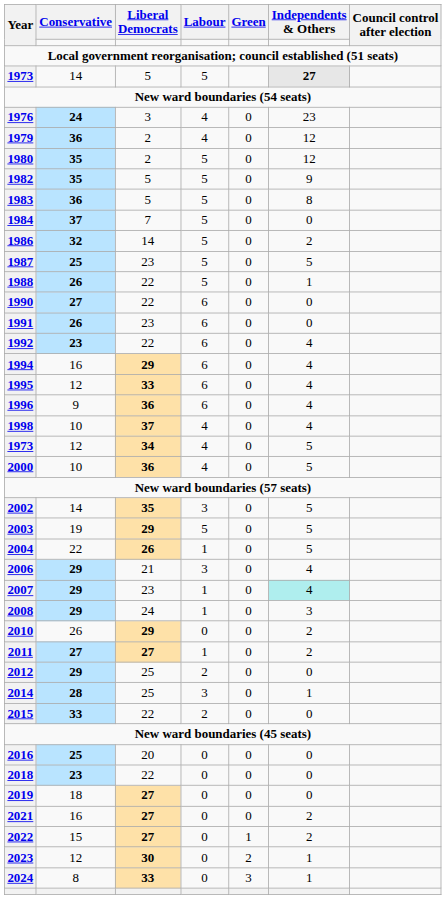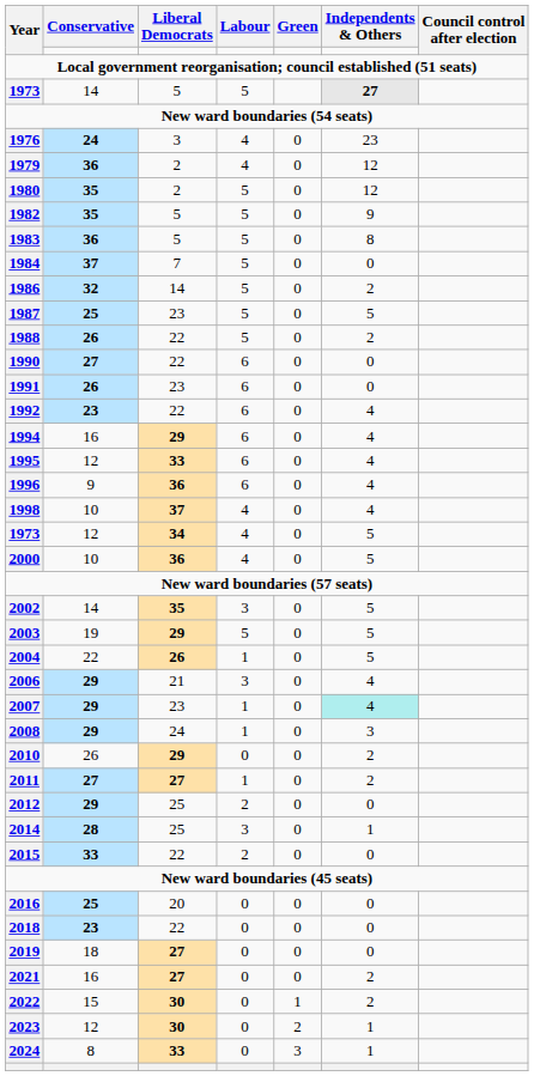 <table class="wikitable plainrowheaders" style="text-align:center">
 <tr>
 <th scope="col" rowspan="2">Year</th>
 <th scope="col"><a href='#'>Conservative</a></th>
 <th scope="col" style="width:1px"><a href='#'>Liberal Democrats</a></th>
 <th scope="col"><a href='#'>Labour</a></th>
 <th scope="col"><a href='#'>Green</a></th>
 <th scope="col"><a href='#'>Independents</a><br>& Others</th>
 <th scope="col" rowspan="2" colspan="2">Council control<br>after election</th>
 </tr>
 <tr>
 <td style="background:"></td>
 <td style="background:"></td>
 <td style="background:"></td>
 <td style="background:"></td>
 <td style="background:"></td>
 </tr>
 <tr>
 <td colspan="9"><strong>Local government reorganisation; council established (51 seats)</strong></td>
 </tr>
 <tr>
 <th scope="row"><a href='#'>1973</a></th>
 <td>14</td>
 <td>5</td>
 <td>5</td>
 <td></td>
 <td style="background:#E7E7E7;"><strong>27</strong></td>
 <td></td>
 </tr>
 <tr>
 <td colspan="9"><strong>New ward boundaries (54 seats)</strong></td>
 </tr>
 <tr>
 <th scope="row"><a href='#'>1976</a></th>
 <td style="background:#B9E4FF;"><strong>24</strong></td>
 <td>3</td>
 <td>4</td>
 <td>0</td>
 <td>23</td>
 <td></td>
 </tr>
 <tr>
 <th scope="row"><a href='#'>1979</a></th>
 <td style="background:#B9E4FF;"><strong>36</strong></td>
 <td>2</td>
 <td>4</td>
 <td>0</td>
 <td>12</td>
 <td></td>
 </tr>
 <tr>
 <th scope="row"><a href='#'>1980</a></th>
 <td style="background:#B9E4FF;"><strong>35</strong></td>
 <td>2</td>
 <td>5</td>
 <td>0</td>
 <td>12</td>
 <td></td>
 </tr>
 <tr>
 <th scope="row"><a href='#'>1982</a></th>
 <td style="background:#B9E4FF;"><strong>35</strong></td>
 <td>5</td>
 <td>5</td>
 <td>0</td>
 <td>9</td>
 <td></td>
 </tr>
 <tr>
 <th scope="row"><a href='#'>1983</a></th>
 <td style="background:#B9E4FF;"><strong>36</strong></td>
 <td>5</td>
 <td>5</td>
 <td>0</td>
 <td>8</td>
 <td></td>
 </tr>
 <tr>
 <th scope="row"><a href='#'>1984</a></th>
 <td style="background:#B9E4FF;"><strong>37</strong></td>
 <td>7</td>
 <td>5</td>
 <td>0</td>
 <td>0</td>
 <td></td>
 </tr>
 <tr>
 <th scope="row"><a href='#'>1986</a></th>
 <td style="background:#B9E4FF;"><strong>32</strong></td>
 <td>14</td>
 <td>5</td>
 <td>0</td>
 <td>2</td>
 <td></td>
 </tr>
 <tr>
 <th scope="row"><a href='#'>1987</a></th>
 <td style="background:#B9E4FF;"><strong>25</strong></td>
 <td>23</td>
 <td>5</td>
 <td>0</td>
 <td>5</td>
 <td></td>
 </tr>
 <tr>
 <th scope="row"><a href='#'>1988</a></th>
 <td style="background:#B9E4FF;"><strong>26</strong></td>
 <td>22</td>
 <td>5</td>
 <td>0</td>
-<td>1</td>
+<td>2</td>
 <td></td>
 </tr>
 <tr>
 <th scope="row"><a href='#'>1990</a></th>
 <td style="background:#B9E4FF;"><strong>27</strong></td>
 <td>22</td>
 <td>6</td>
 <td>0</td>
 <td>0</td>
 <td></td>
 </tr>
 <tr>
 <th scope="row"><a href='#'>1991</a></th>
 <td style="background:#B9E4FF;"><strong>26</strong></td>
 <td>23</td>
 <td>6</td>
 <td>0</td>
 <td>0</td>
 <td></td>
 </tr>
 <tr>
 <th scope="row"><a href='#'>1992</a></th>
 <td style="background:#B9E4FF;"><strong>23</strong></td>
 <td>22</td>
 <td>6</td>
 <td>0</td>
 <td>4</td>
 <td></td>
 </tr>
 <tr>
 <th scope="row"><a href='#'>1994</a></th>
 <td>16</td>
 <td style="background:#FEE1A8"><strong>29</strong></td>
 <td>6</td>
 <td>0</td>
 <td>4</td>
 <td></td>
 </tr>
 <tr>
 <th scope="row"><a href='#'>1995</a></th>
 <td>12</td>
 <td style="background:#FEE1A8"><strong>33</strong></td>
 <td>6</td>
 <td>0</td>
 <td>4</td>
 <td></td>
 </tr>
 <tr>
 <th scope="row"><a href='#'>1996</a></th>
 <td>9</td>
 <td style="background:#FEE1A8"><strong>36</strong></td>
 <td>6</td>
 <td>0</td>
 <td>4</td>
 <td></td>
 </tr>
 <tr>
 <th scope="row"><a href='#'>1998</a></th>
 <td>10</td>
 <td style="background:#FEE1A8"><strong>37</strong></td>
 <td>4</td>
 <td>0</td>
 <td>4</td>
 <td></td>
 </tr>
 <tr>
 <th scope="row"><a href='#'>1973</a></th>
 <td>12</td>
 <td style="background:#FEE1A8"><strong>34</strong></td>
 <td>4</td>
 <td>0</td>
 <td>5</td>
 <td></td>
 </tr>
 <tr>
 <th scope="row"><a href='#'>2000</a></th>
 <td>10</td>
 <td style="background:#FEE1A8"><strong>36</strong></td>
 <td>4</td>
 <td>0</td>
 <td>5</td>
 <td></td>
 </tr>
 <tr>
 <td colspan="9"><strong>New ward boundaries (57 seats)</strong></td>
 </tr>
 <tr>
 <th scope="row"><a href='#'>2002</a></th>
 <td>14</td>
 <td style="background:#FEE1A8"><strong>35</strong></td>
 <td>3</td>
 <td>0</td>
 <td>5</td>
 <td></td>
 </tr>
 <tr>
 <th scope="row"><a href='#'>2003</a></th>
 <td>19</td>
 <td style="background:#FEE1A8"><strong>29</strong></td>
 <td>5</td>
 <td>0</td>
 <td>5</td>
 <td></td>
 </tr>
 <tr>
 <th scope="row"><a href='#'>2004</a></th>
 <td>22</td>
 <td style="background:#FEE1A8"><strong>26</strong></td>
 <td>1</td>
 <td>0</td>
 <td>5</td>
 <td></td>
 </tr>
 <tr>
 <th scope="row"><a href='#'>2006</a></th>
 <td style="background:#B9E4FF;"><strong>29</strong></td>
 <td>21</td>
 <td>3</td>
 <td>0</td>
 <td>4</td>
 <td></td>
 </tr>
 <tr>
 <th scope="row"><a href='#'>2007</a></th>
 <td style="background:#B9E4FF;"><strong>29</strong></td>
 <td>23</td>
 <td>1</td>
 <td>0</td>
 <td style="background: paleturquoise;">4</td>
 <td></td>
 </tr>
 <tr>
 <th scope="row"><a href='#'>2008</a></th>
 <td style="background:#B9E4FF;"><strong>29</strong></td>
 <td>24</td>
 <td>1</td>
 <td>0</td>
 <td>3</td>
 <td></td>
 </tr>
 <tr>
 <th scope="row"><a href='#'>2010</a></th>
 <td>26</td>
 <td style="background:#FEE1A8"><strong>29</strong></td>
 <td>0</td>
 <td>0</td>
 <td>2</td>
 <td></td>
 </tr>
 <tr>
 <th scope="row"><a href='#'>2011</a></th>
 <td style="background:#B9E4FF;"><strong>27</strong></td>
 <td style="background:#FEE1A8"><strong>27</strong></td>
 <td>1</td>
 <td>0</td>
 <td>2</td>
 <td></td>
 </tr>
 <tr>
 <th scope="row"><a href='#'>2012</a></th>
 <td style="background:#B9E4FF;"><strong>29</strong></td>
 <td>25</td>
 <td>2</td>
 <td>0</td>
 <td>0</td>
 <td></td>
 </tr>
 <tr>
 <th scope="row"><a href='#'>2014</a></th>
 <td style="background:#B9E4FF;"><strong>28</strong></td>
 <td>25</td>
 <td>3</td>
 <td>0</td>
 <td>1</td>
 <td></td>
 </tr>
 <tr>
 <th scope="row"><a href='#'>2015</a></th>
 <td style="background:#B9E4FF;"><strong>33</strong></td>
 <td>22</td>
 <td>2</td>
 <td>0</td>
 <td>0</td>
 <td></td>
 </tr>
 <tr>
 <td colspan="9"><strong>New ward boundaries (45 seats)</strong></td>
 </tr>
 <tr>
 <th scope="row"><a href='#'>2016</a></th>
 <td style="background:#B9E4FF;"><strong>25</strong></td>
 <td>20</td>
 <td>0</td>
 <td>0</td>
 <td>0</td>
 <td></td>
 </tr>
 <tr>
 <th scope="row"><a href='#'>2018</a></th>
 <td style="background:#B9E4FF;"><strong>23</strong></td>
 <td>22</td>
 <td>0</td>
 <td>0</td>
 <td>0</td>
 <td></td>
 </tr>
 <tr>
 <th scope="row"><a href='#'>2019</a></th>
 <td>18</td>
 <td style="background:#FEE1A8"><strong>27</strong></td>
 <td>0</td>
 <td>0</td>
 <td>0</td>
 <td></td>
 </tr>
 <tr>
 <th scope="row"><a href='#'>2021</a></th>
 <td>16</td>
 <td style="background:#FEE1A8"><strong>27</strong></td>
 <td>0</td>
 <td>0</td>
 <td>2</td>
 <td></td>
 </tr>
 <tr>
 <th scope="row"><a href='#'>2022</a></th>
 <td>15</td>
-<td style="background:#FEE1A8"><strong>27</strong></td>
+<td style="background:#FEE1A8"><strong>30</strong></td>
 <td>0</td>
 <td>1</td>
 <td>2</td>
 <td></td>
 </tr>
 <tr>
 <th scope="row"><a href='#'>2023</a></th>
 <td>12</td>
 <td style="background:#FEE1A8"><strong>30</strong></td>
 <td>0</td>
 <td>2</td>
 <td>1</td>
 <td></td>
 </tr>
 <tr>
 <th scope="row"><a href='#'>2024</a></th>
 <td>8</td>
 <td style="background:#FEE1A8"><strong>33</strong></td>
 <td>0</td>
 <td>3</td>
 <td>1</td>
 <td></td>
 </tr>
 <tr>
 <th></th>
 <th style="background-color: "></th>
 <th style="background-color: "></th>
 <th style="background-color: "></th>
 <th style="background-color: "></th>
 <th style="background-color: "></th>
 </tr>
 </table>
